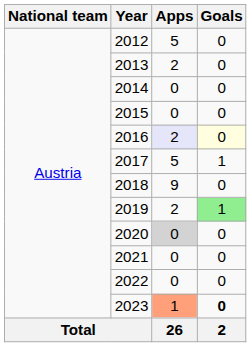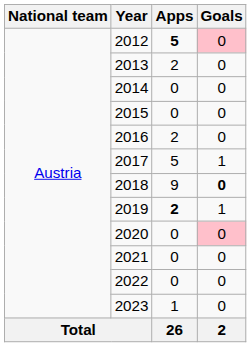 <table class="wikitable" style="text-align:center">
 <tr>
 <th>National team</th>
 <th>Year</th>
 <th>Apps</th>
 <th>Goals</th>
 </tr>
 <tr>
 <td rowspan="12"><a href='#'>Austria</a></td>
 <td>2012</td>
-<td>5</td>
-<td>0</td>
+<td><strong>5</strong></td>
+<td style="background: pink;">0</td>
 </tr>
 <tr>
 <td>2013</td>
 <td>2</td>
 <td>0</td>
 </tr>
 <tr>
 <td>2014</td>
 <td>0</td>
 <td>0</td>
 </tr>
 <tr>
 <td>2015</td>
 <td>0</td>
 <td>0</td>
 </tr>
 <tr>
 <td>2016</td>
-<td style="background: lavender;">2</td>
-<td style="background: lightyellow;">0</td>
+<td>2</td>
+<td>0</td>
 </tr>
 <tr>
 <td>2017</td>
 <td>5</td>
 <td>1</td>
 </tr>
 <tr>
 <td>2018</td>
 <td>9</td>
-<td>0</td>
+<td><strong>0</strong></td>
 </tr>
 <tr>
 <td>2019</td>
-<td>2</td>
-<td style="background: lightgreen;">1</td>
+<td><strong>2</strong></td>
+<td>1</td>
 </tr>
 <tr>
 <td>2020</td>
-<td style="background: lightgrey;">0</td>
 <td>0</td>
+<td style="background: pink;">0</td>
 </tr>
 <tr>
 <td>2021</td>
 <td>0</td>
 <td>0</td>
 </tr>
 <tr>
 <td>2022</td>
 <td>0</td>
 <td>0</td>
 </tr>
 <tr>
 <td>2023</td>
-<td style="background: lightsalmon;">1</td>
-<td><strong>0</strong></td>
+<td>1</td>
+<td>0</td>
 </tr>
 <tr>
 <th colspan="2">Total</th>
 <th>26</th>
 <th>2</th>
 </tr>
 </table>
